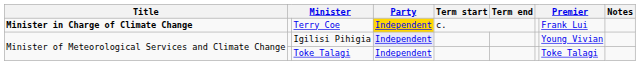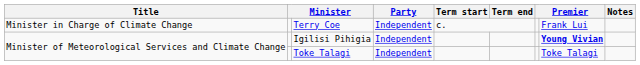 <table class="wikitable sortable">
 <tr>
 <th>Title</th>
 <th colspan=2><a href='#'>Minister</a></th>
 <th><a href='#'>Party</a></th>
 <th>Term start</th>
 <th>Term end</th>
 <th colspan=2><a href='#'>Premier</a></th>
 <th class="unsortable">Notes</th>
 </tr>
 <tr>
-<td><strong>Minister in Charge of Climate Change</strong></td>
+<td>Minister in Charge of Climate Change</td>
 <td style="color:inherit;background:"></td>
 <td><a href='#'>Terry Coe</a></td>
-<td style="background: gold;"><a href='#'>Independent</a></td>
+<td><a href='#'>Independent</a></td>
 <td colspan=2>c. </td>
 <td style="color:inherit;background:"></td>
 <td><a href='#'>Frank Lui</a></td>
 <td></td>
 </tr>
 <tr>
 <td rowspan=2>Minister of Meteorological Services and Climate Change</td>
 <td style="color:inherit;background:"></td>
 <td>Igilisi Pihigia</td>
-<td style="background: lavender;"><a href='#'>Independent</a></td>
+<td><a href='#'>Independent</a></td>
 <td></td>
 <td></td>
 <td style="color:inherit;background:"></td>
-<td><a href='#'>Young Vivian</a></td>
+<td><strong><a href='#'>Young Vivian</a></strong></td>
 <td></td>
 </tr>
 <tr>
 <td style="color:inherit;background:"></td>
 <td><a href='#'>Toke Talagi</a></td>
 <td><a href='#'>Independent</a></td>
 <td></td>
 <td></td>
 <td style="color:inherit;background:"></td>
 <td><a href='#'>Toke Talagi</a></td>
 <td></td>
 </tr>
 </table>
